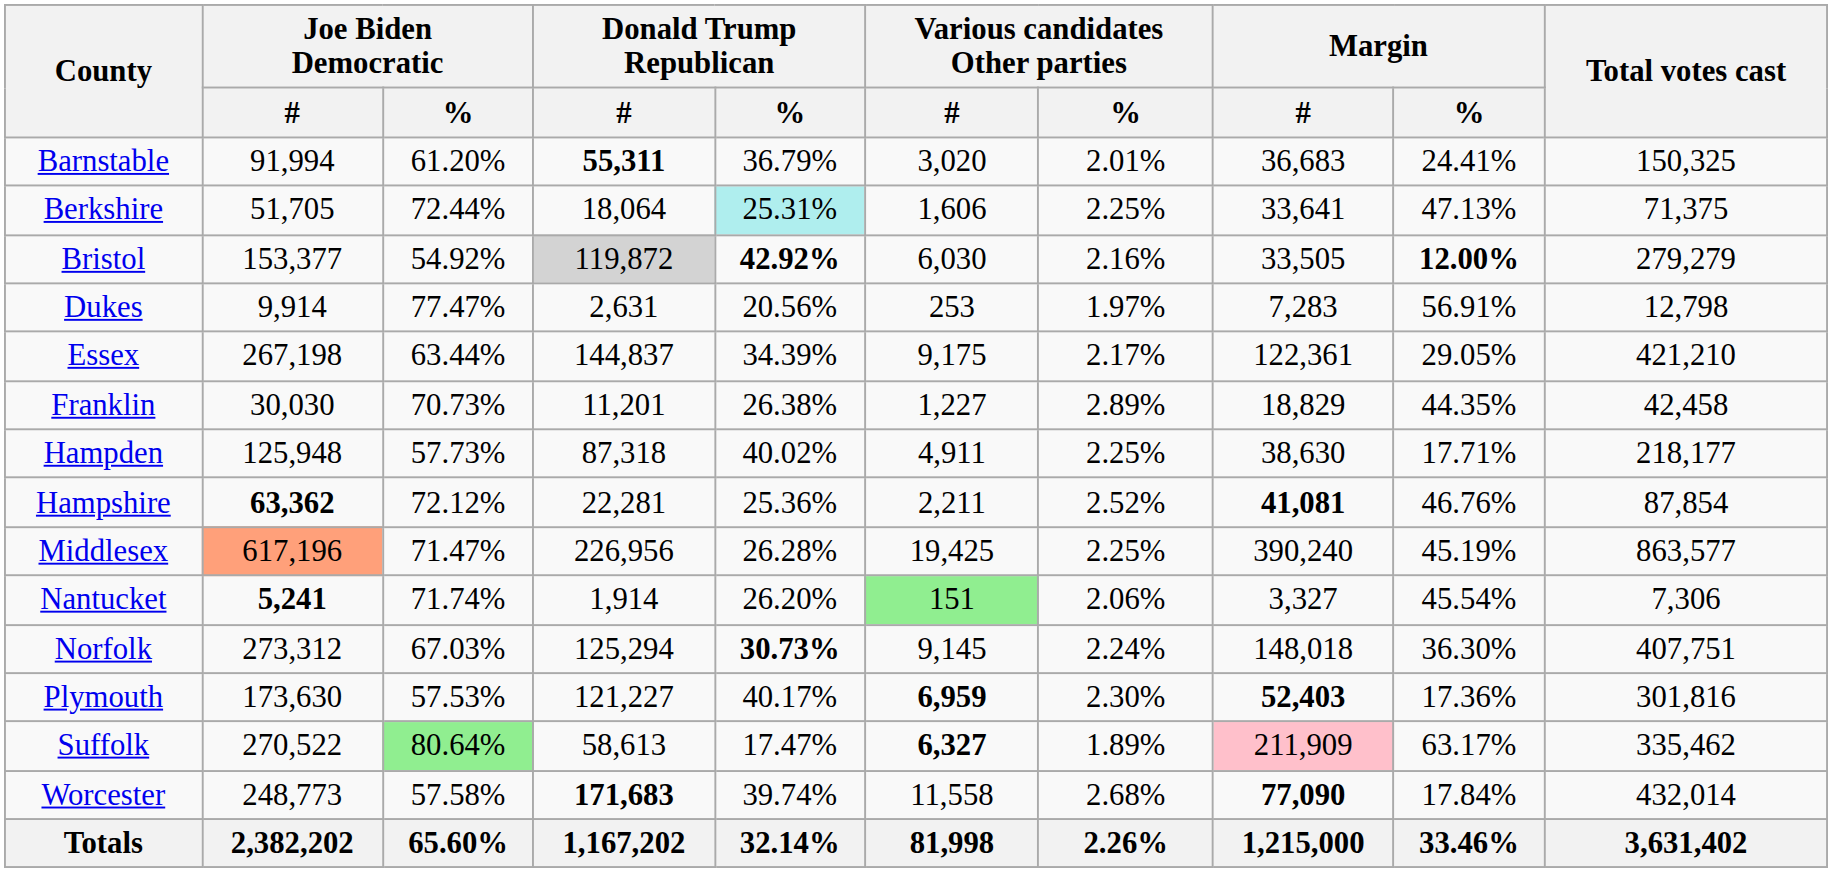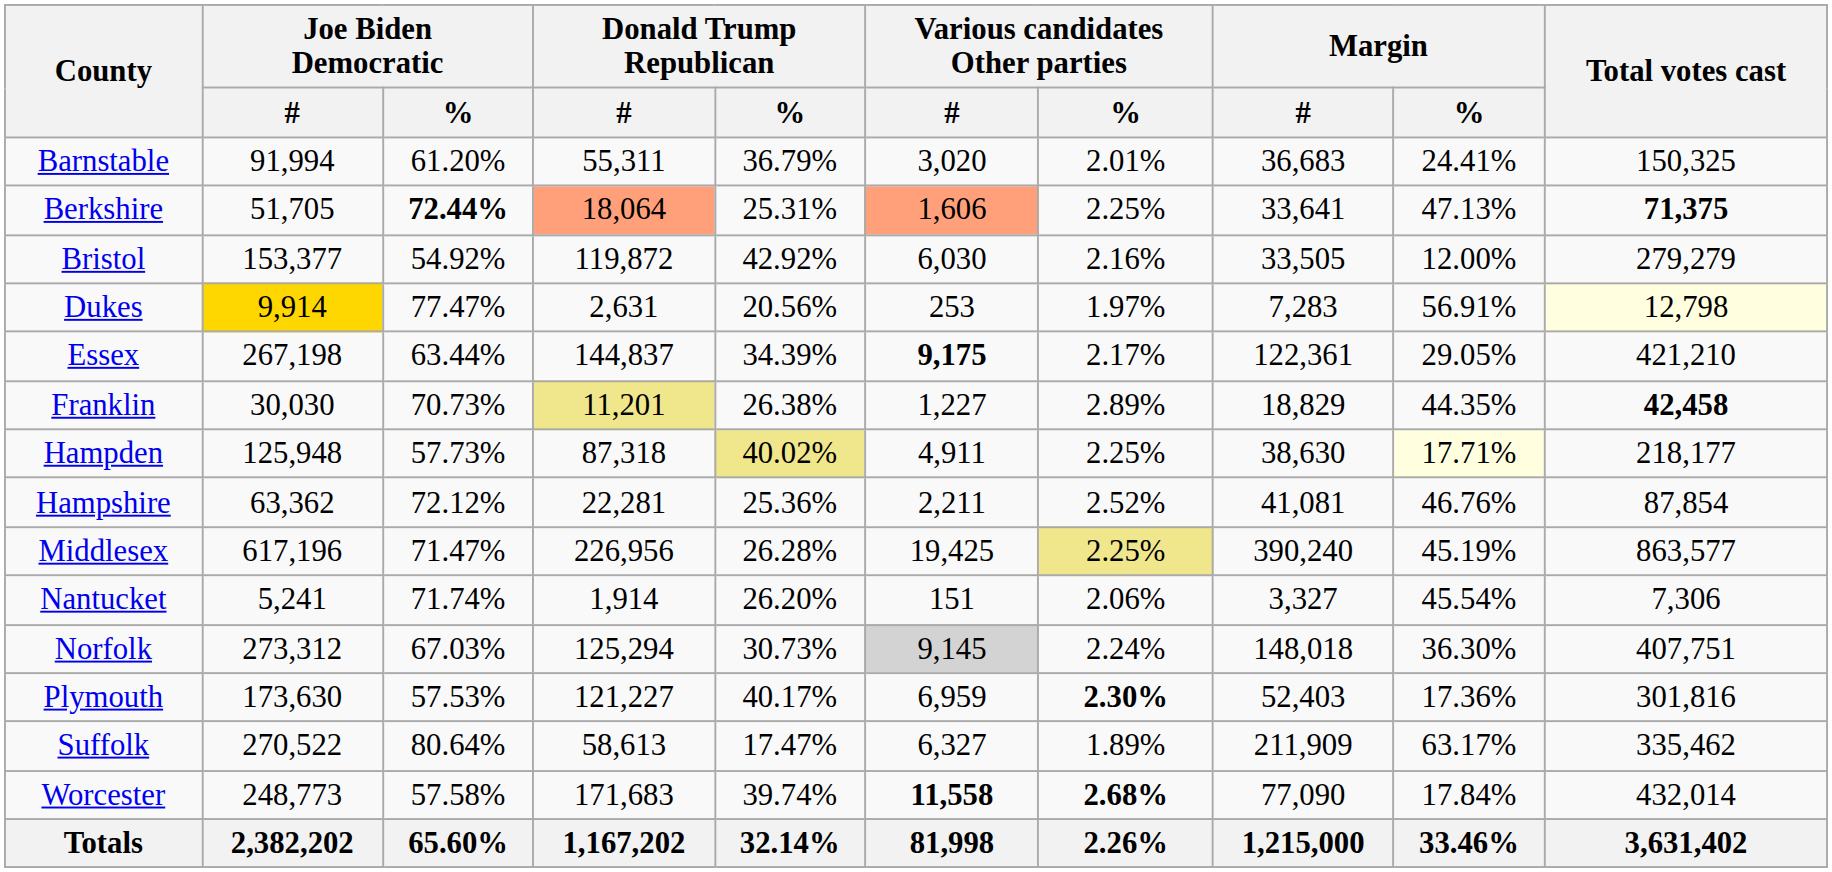 <table width="60%"  class="wikitable sortable" style="text-align:center">
 <tr>
 <th style="text-align:center;" rowspan="2">County</th>
 <th style="text-align:center;" colspan="2">Joe Biden<br>Democratic</th>
 <th style="text-align:center;" colspan="2">Donald Trump<br>Republican</th>
 <th style="text-align:center;" colspan="2">Various candidates<br>Other parties</th>
 <th style="text-align:center;" colspan="2">Margin</th>
 <th style="text-align:center;" rowspan="2">Total votes cast</th>
 </tr>
 <tr>
 <th style="text-align:center;" data-sort-type="number">#</th>
 <th style="text-align:center;" data-sort-type="number">%</th>
 <th style="text-align:center;" data-sort-type="number">#</th>
 <th style="text-align:center;" data-sort-type="number">%</th>
 <th style="text-align:center;" data-sort-type="number">#</th>
 <th style="text-align:center;" data-sort-type="number">%</th>
 <th style="text-align:center;" data-sort-type="number">#</th>
 <th style="text-align:center;" data-sort-type="number">%</th>
 </tr>
 <tr style="text-align:center;">
 <td><a href='#'>Barnstable</a></td>
 <td>91,994</td>
 <td>61.20%</td>
-<td><strong>55,311</strong></td>
+<td>55,311</td>
 <td>36.79%</td>
 <td>3,020</td>
 <td>2.01%</td>
 <td>36,683</td>
 <td>24.41%</td>
 <td>150,325</td>
 </tr>
 <tr style="text-align:center;">
 <td><a href='#'>Berkshire</a></td>
 <td>51,705</td>
-<td>72.44%</td>
-<td>18,064</td>
-<td style="background: paleturquoise;">25.31%</td>
-<td>1,606</td>
+<td><strong>72.44%</strong></td>
+<td style="background: lightsalmon;">18,064</td>
+<td>25.31%</td>
+<td style="background: lightsalmon;">1,606</td>
 <td>2.25%</td>
 <td>33,641</td>
 <td>47.13%</td>
-<td>71,375</td>
+<td><strong>71,375</strong></td>
 </tr>
 <tr style="text-align:center;">
 <td><a href='#'>Bristol</a></td>
 <td>153,377</td>
 <td>54.92%</td>
-<td style="background: lightgrey;">119,872</td>
-<td><strong>42.92%</strong></td>
+<td>119,872</td>
+<td>42.92%</td>
 <td>6,030</td>
 <td>2.16%</td>
 <td>33,505</td>
-<td><strong>12.00%</strong></td>
+<td>12.00%</td>
 <td>279,279</td>
 </tr>
 <tr style="text-align:center;">
 <td><a href='#'>Dukes</a></td>
-<td>9,914</td>
+<td style="background: gold;">9,914</td>
 <td>77.47%</td>
 <td>2,631</td>
 <td>20.56%</td>
 <td>253</td>
 <td>1.97%</td>
 <td>7,283</td>
 <td>56.91%</td>
-<td>12,798</td>
+<td style="background: lightyellow;">12,798</td>
 </tr>
 <tr style="text-align:center;">
 <td><a href='#'>Essex</a></td>
 <td>267,198</td>
 <td>63.44%</td>
 <td>144,837</td>
 <td>34.39%</td>
-<td>9,175</td>
+<td><strong>9,175</strong></td>
 <td>2.17%</td>
 <td>122,361</td>
 <td>29.05%</td>
 <td>421,210</td>
 </tr>
 <tr style="text-align:center;">
 <td><a href='#'>Franklin</a></td>
 <td>30,030</td>
 <td>70.73%</td>
-<td>11,201</td>
+<td style="background: khaki;">11,201</td>
 <td>26.38%</td>
 <td>1,227</td>
 <td>2.89%</td>
 <td>18,829</td>
 <td>44.35%</td>
-<td>42,458</td>
+<td><strong>42,458</strong></td>
 </tr>
 <tr style="text-align:center;">
 <td><a href='#'>Hampden</a></td>
 <td>125,948</td>
 <td>57.73%</td>
 <td>87,318</td>
-<td>40.02%</td>
+<td style="background: khaki;">40.02%</td>
 <td>4,911</td>
 <td>2.25%</td>
 <td>38,630</td>
-<td>17.71%</td>
+<td style="background: lightyellow;">17.71%</td>
 <td>218,177</td>
 </tr>
 <tr style="text-align:center;">
 <td><a href='#'>Hampshire</a></td>
-<td><strong>63,362</strong></td>
+<td>63,362</td>
 <td>72.12%</td>
 <td>22,281</td>
 <td>25.36%</td>
 <td>2,211</td>
 <td>2.52%</td>
-<td><strong>41,081</strong></td>
+<td>41,081</td>
 <td>46.76%</td>
 <td>87,854</td>
 </tr>
 <tr style="text-align:center;">
 <td><a href='#'>Middlesex</a></td>
-<td style="background: lightsalmon;">617,196</td>
+<td>617,196</td>
 <td>71.47%</td>
 <td>226,956</td>
 <td>26.28%</td>
 <td>19,425</td>
-<td>2.25%</td>
+<td style="background: khaki;">2.25%</td>
 <td>390,240</td>
 <td>45.19%</td>
 <td>863,577</td>
 </tr>
 <tr style="text-align:center;">
 <td><a href='#'>Nantucket</a></td>
-<td><strong>5,241</strong></td>
+<td>5,241</td>
 <td>71.74%</td>
 <td>1,914</td>
 <td>26.20%</td>
-<td style="background: lightgreen;">151</td>
+<td>151</td>
 <td>2.06%</td>
 <td>3,327</td>
 <td>45.54%</td>
 <td>7,306</td>
 </tr>
 <tr style="text-align:center;">
 <td><a href='#'>Norfolk</a></td>
 <td>273,312</td>
 <td>67.03%</td>
 <td>125,294</td>
-<td><strong>30.73%</strong></td>
-<td>9,145</td>
+<td>30.73%</td>
+<td style="background: lightgrey;">9,145</td>
 <td>2.24%</td>
 <td>148,018</td>
 <td>36.30%</td>
 <td>407,751</td>
 </tr>
 <tr style="text-align:center;">
 <td><a href='#'>Plymouth</a></td>
 <td>173,630</td>
 <td>57.53%</td>
 <td>121,227</td>
 <td>40.17%</td>
-<td><strong>6,959</strong></td>
-<td>2.30%</td>
-<td><strong>52,403</strong></td>
+<td>6,959</td>
+<td><strong>2.30%</strong></td>
+<td>52,403</td>
 <td>17.36%</td>
 <td>301,816</td>
 </tr>
 <tr style="text-align:center;">
 <td><a href='#'>Suffolk</a></td>
 <td>270,522</td>
-<td style="background: lightgreen;">80.64%</td>
+<td>80.64%</td>
 <td>58,613</td>
 <td>17.47%</td>
-<td><strong>6,327</strong></td>
+<td>6,327</td>
 <td>1.89%</td>
-<td style="background: pink;">211,909</td>
+<td>211,909</td>
 <td>63.17%</td>
 <td>335,462</td>
 </tr>
 <tr style="text-align:center;">
 <td><a href='#'>Worcester</a></td>
 <td>248,773</td>
 <td>57.58%</td>
-<td><strong>171,683</strong></td>
+<td>171,683</td>
 <td>39.74%</td>
-<td>11,558</td>
-<td>2.68%</td>
-<td><strong>77,090</strong></td>
+<td><strong>11,558</strong></td>
+<td><strong>2.68%</strong></td>
+<td>77,090</td>
 <td>17.84%</td>
 <td>432,014</td>
 </tr>
 <tr>
 <th>Totals</th>
 <th>2,382,202</th>
 <th>65.60%</th>
 <th>1,167,202</th>
 <th>32.14%</th>
 <th>81,998</th>
 <th>2.26%</th>
 <th>1,215,000</th>
 <th>33.46%</th>
 <th>3,631,402</th>
 </tr>
 </table>
